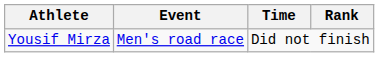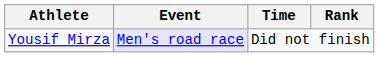 <table class="wikitable" style="font-size:90%">
 <tr>
 <th>Athlete</th>
 <th>Event</th>
 <th>Time</th>
 <th>Rank</th>
 </tr>
 <tr align=center>
 <td align=left><a href='#'>Yousif Mirza</a></td>
-<td align=left><a href='#'>Men's road race</a></td>
+<td align=left style="background: lavender;"><a href='#'>Men's road race</a></td>
 <td colspan=2>Did not finish</td>
 </tr>
 </table>
